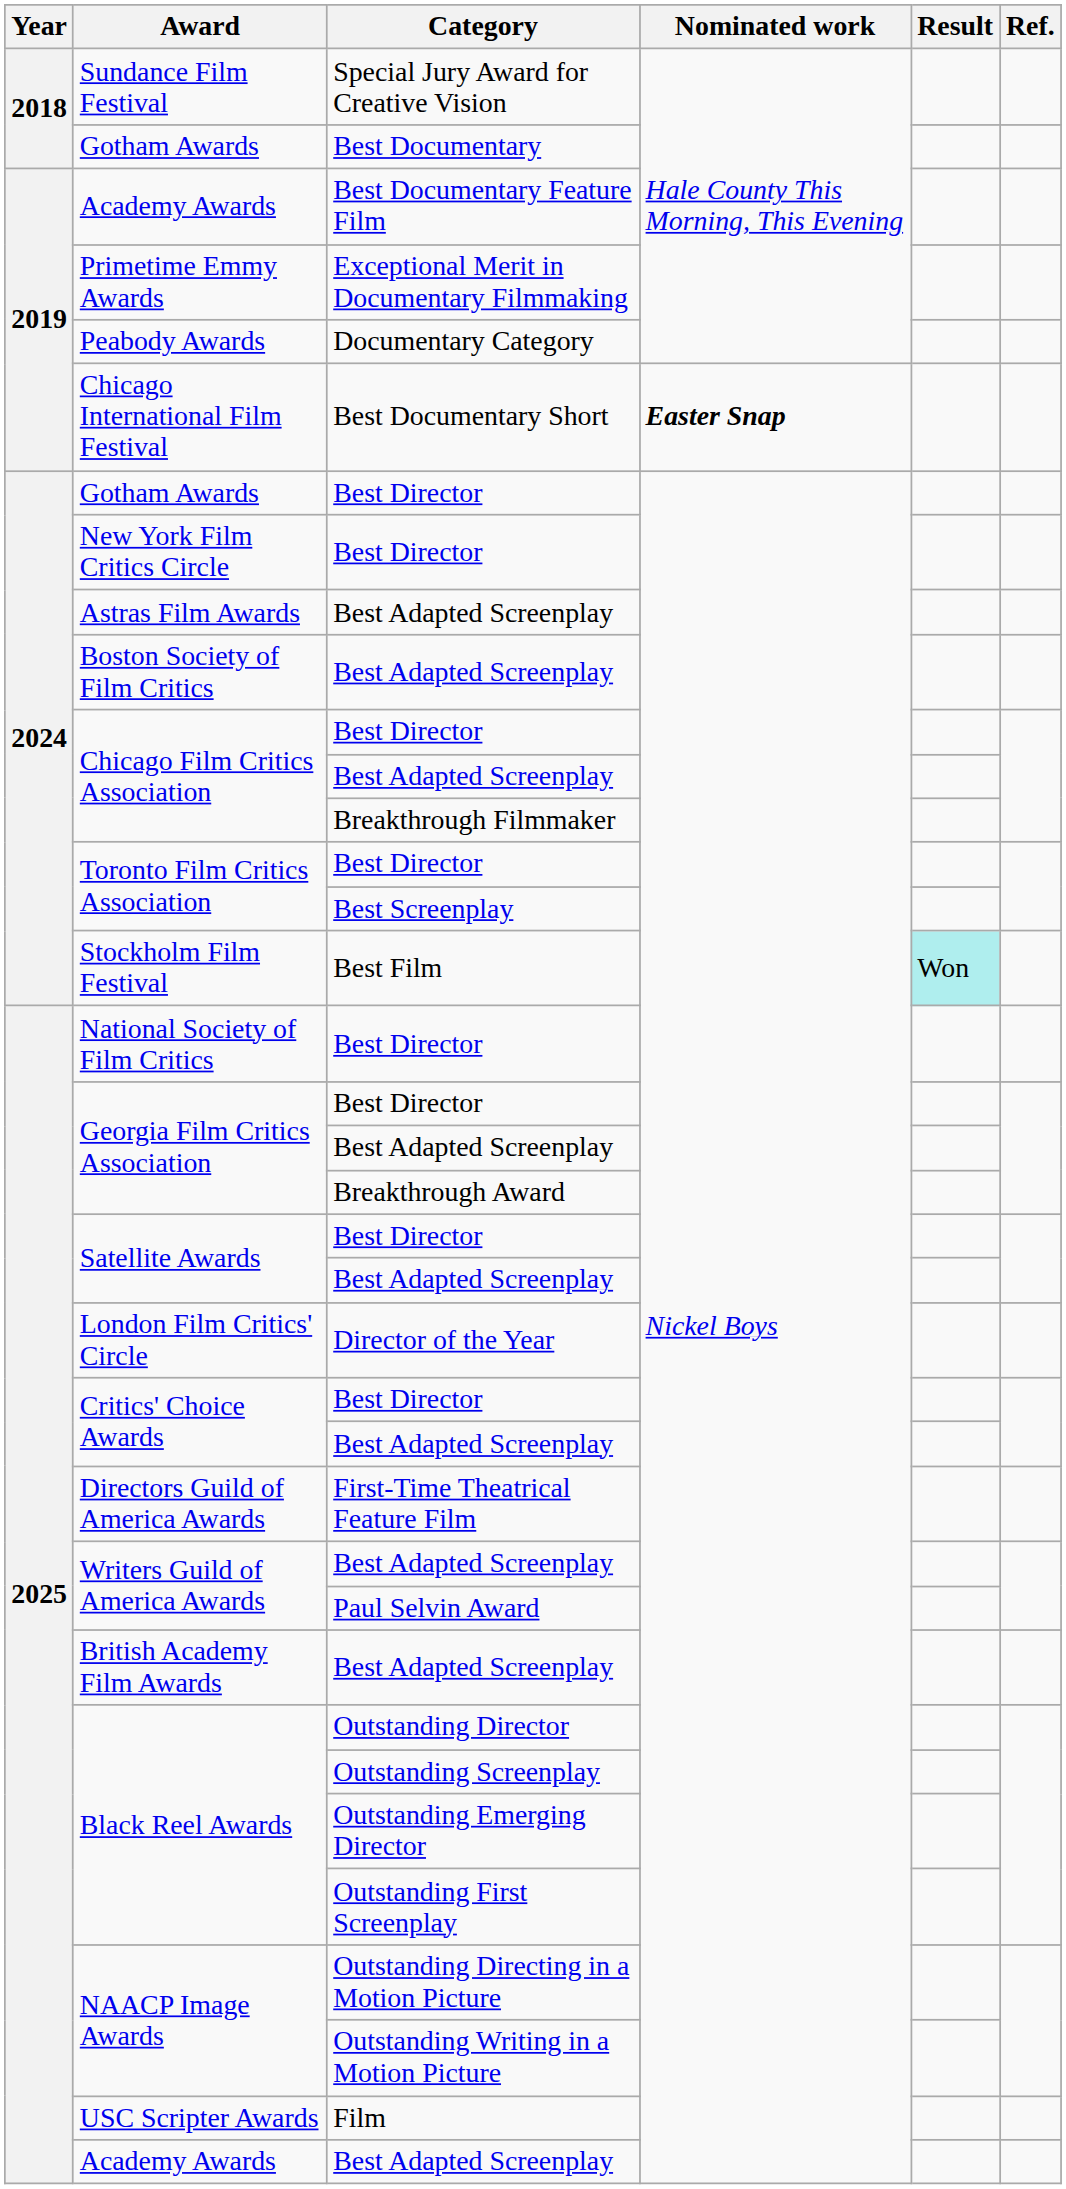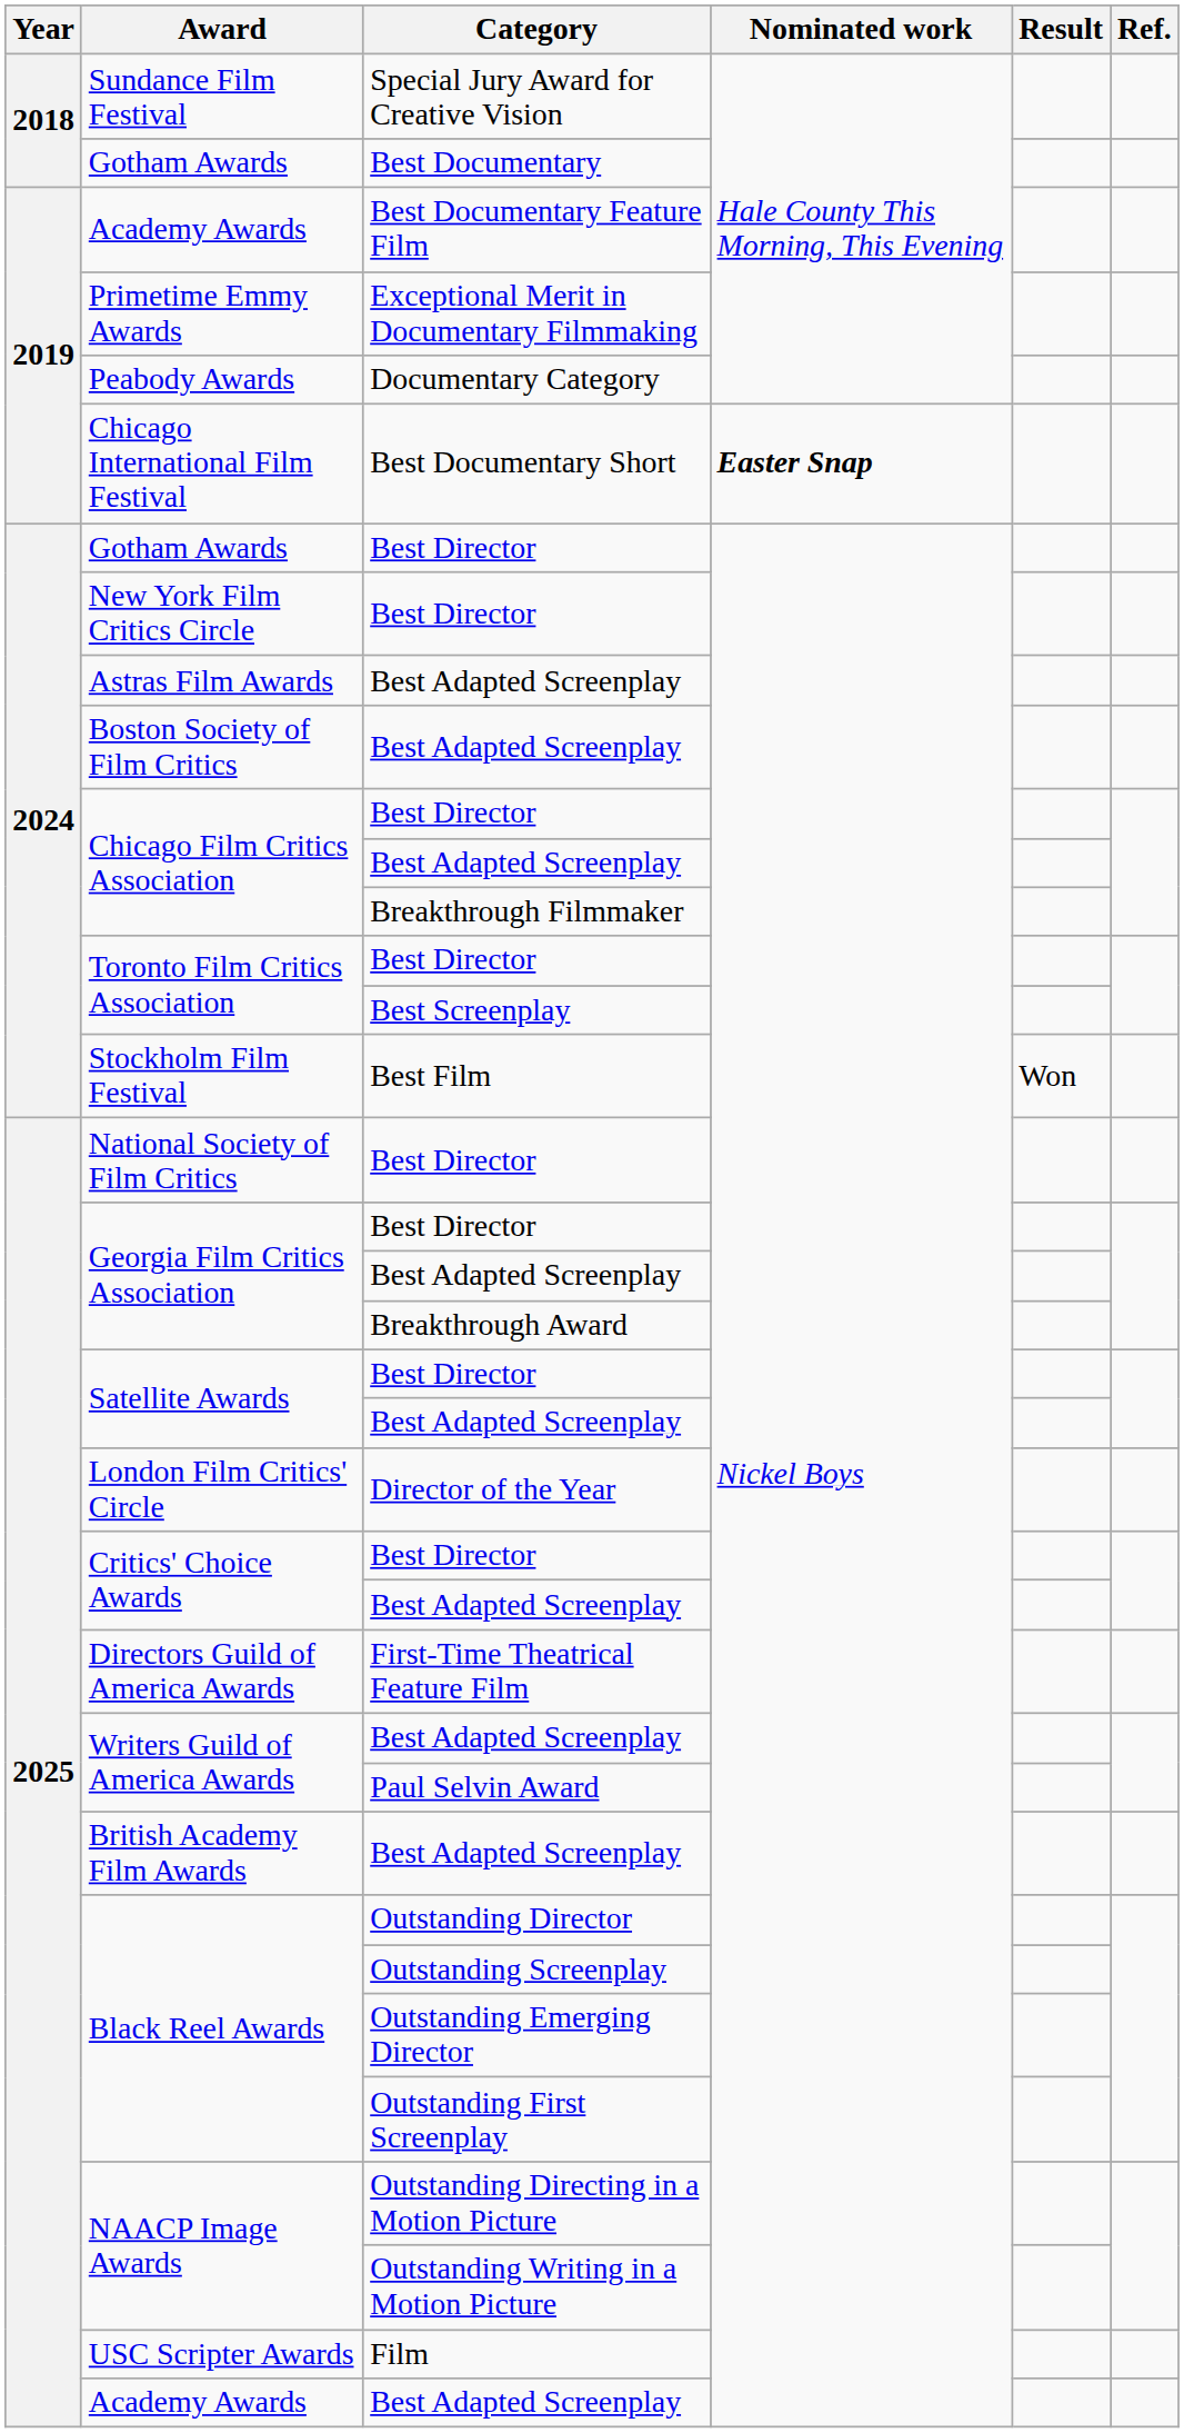 <table class="wikitable sortable plainrowheaders">
 <tr>
 <th scope="col">Year</th>
 <th scope="col">Award</th>
 <th scope="col">Category</th>
 <th scope="col">Nominated work</th>
 <th scope="col">Result</th>
 <th scope="col" class="unsortable">Ref.</th>
 </tr>
 <tr>
 <th scope="row" rowspan="2">2018</th>
 <td><a href='#'>Sundance Film Festival</a></td>
 <td>Special Jury Award for Creative Vision</td>
 <td rowspan="5"><em><a href='#'>Hale County This Morning, This Evening</a></em></td>
 <td></td>
 <td align="center"></td>
 </tr>
 <tr>
 <td><a href='#'>Gotham Awards</a></td>
 <td><a href='#'>Best Documentary</a></td>
 <td></td>
 <td align="center"></td>
 </tr>
 <tr>
 <th scope="row" rowspan="4">2019</th>
 <td><a href='#'>Academy Awards</a></td>
 <td><a href='#'>Best Documentary Feature Film</a></td>
 <td></td>
 <td align="center"></td>
 </tr>
 <tr>
 <td><a href='#'>Primetime Emmy Awards</a></td>
 <td><a href='#'>Exceptional Merit in Documentary Filmmaking</a></td>
 <td></td>
 <td align="center"></td>
 </tr>
 <tr>
 <td><a href='#'>Peabody Awards</a></td>
 <td>Documentary Category</td>
 <td></td>
 <td align="center"></td>
 </tr>
 <tr>
 <td><a href='#'>Chicago International Film Festival</a></td>
 <td>Best Documentary Short</td>
 <td><strong><em>Easter Snap</em></strong></td>
 <td></td>
 <td align="center"></td>
 </tr>
 <tr>
 <th rowspan="10" scope="row">2024</th>
 <td><a href='#'>Gotham Awards</a></td>
 <td><a href='#'>Best Director</a></td>
 <td rowspan="31"><em><a href='#'>Nickel Boys</a></em></td>
 <td></td>
 <td align="center"></td>
 </tr>
 <tr>
 <td><a href='#'>New York Film Critics Circle</a></td>
 <td><a href='#'>Best Director</a></td>
 <td></td>
 <td align="center"></td>
 </tr>
 <tr>
 <td scope="col"><a href='#'>Astras Film Awards</a></td>
 <td>Best Adapted Screenplay</td>
 <td></td>
 <td align="center"></td>
 </tr>
 <tr>
 <td><a href='#'>Boston Society of Film Critics</a></td>
 <td><a href='#'>Best Adapted Screenplay</a></td>
 <td></td>
 <td align="center"></td>
 </tr>
 <tr>
 <td scope="col" rowspan="3"><a href='#'>Chicago Film Critics Association</a></td>
 <td><a href='#'>Best Director</a></td>
 <td></td>
 <td align="center" rowspan="3"></td>
 </tr>
 <tr>
 <td><a href='#'>Best Adapted Screenplay</a></td>
 <td></td>
 </tr>
 <tr>
 <td>Breakthrough Filmmaker</td>
 <td></td>
 </tr>
 <tr>
 <td scope="col" rowspan="2"><a href='#'>Toronto Film Critics Association</a></td>
 <td><a href='#'>Best Director</a></td>
 <td></td>
 <td align="center" rowspan="2"></td>
 </tr>
 <tr>
 <td><a href='#'>Best Screenplay</a></td>
 <td></td>
 </tr>
 <tr>
 <td><a href='#'>Stockholm Film Festival</a></td>
 <td>Best Film</td>
-<td style="background: paleturquoise;">Won</td>
+<td>Won</td>
 <td></td>
 </tr>
 <tr>
 <th scope="row" rowspan="21">2025</th>
 <td scope="col"><a href='#'>National Society of Film Critics</a></td>
 <td><a href='#'>Best Director</a></td>
 <td></td>
 <td align="center"></td>
 </tr>
 <tr>
 <td scope="col" rowspan="3"><a href='#'>Georgia Film Critics Association</a></td>
 <td>Best Director</td>
 <td></td>
 <td align="center" rowspan="3"></td>
 </tr>
 <tr>
 <td>Best Adapted Screenplay</td>
 <td></td>
 </tr>
 <tr>
 <td>Breakthrough Award</td>
 <td></td>
 </tr>
 <tr>
 <td scope="col" rowspan="2"><a href='#'>Satellite Awards</a></td>
 <td><a href='#'>Best Director</a></td>
 <td></td>
 <td align="center" rowspan="2"></td>
 </tr>
 <tr>
 <td><a href='#'>Best Adapted Screenplay</a></td>
 <td></td>
 </tr>
 <tr>
 <td><a href='#'>London Film Critics' Circle</a></td>
 <td><a href='#'>Director of the Year</a></td>
 <td></td>
 <td align="center"></td>
 </tr>
 <tr>
 <td scope="col" rowspan="2"><a href='#'>Critics' Choice Awards</a></td>
 <td><a href='#'>Best Director</a></td>
 <td></td>
 <td align="center" rowspan="2"></td>
 </tr>
 <tr>
 <td><a href='#'>Best Adapted Screenplay</a></td>
 <td></td>
 </tr>
 <tr>
 <td scope="col"><a href='#'>Directors Guild of America Awards</a></td>
 <td><a href='#'>First-Time Theatrical Feature Film</a></td>
 <td></td>
 <td align="center"></td>
 </tr>
 <tr>
 <td scope="col" rowspan="2"><a href='#'>Writers Guild of America Awards</a></td>
 <td><a href='#'>Best Adapted Screenplay</a></td>
 <td></td>
 <td align="center" rowspan="2"><br></td>
 </tr>
 <tr>
 <td><a href='#'>Paul Selvin Award</a></td>
 <td></td>
 </tr>
 <tr>
 <td scope="col"><a href='#'>British Academy Film Awards</a></td>
 <td><a href='#'>Best Adapted Screenplay</a></td>
 <td></td>
 <td align="center"></td>
 </tr>
 <tr>
 <td scope="col" rowspan="4"><a href='#'>Black Reel Awards</a></td>
 <td><a href='#'>Outstanding Director</a></td>
 <td></td>
 <td align="center" rowspan="4"><br></td>
 </tr>
 <tr>
 <td><a href='#'>Outstanding Screenplay</a></td>
 <td></td>
 </tr>
 <tr>
 <td><a href='#'>Outstanding Emerging Director</a></td>
 <td></td>
 </tr>
 <tr>
 <td><a href='#'>Outstanding First Screenplay</a></td>
 <td></td>
 </tr>
 <tr>
 <td scope="col" rowspan="2"><a href='#'>NAACP Image Awards</a></td>
 <td><a href='#'>Outstanding Directing in a Motion Picture</a></td>
 <td></td>
 <td align="center" rowspan="2"></td>
 </tr>
 <tr>
 <td><a href='#'>Outstanding Writing in a Motion Picture</a></td>
 <td></td>
 </tr>
 <tr>
 <td scope="col"><a href='#'>USC Scripter Awards</a></td>
 <td>Film</td>
 <td></td>
 <td align="center"></td>
 </tr>
 <tr>
 <td scope="col"><a href='#'>Academy Awards</a></td>
 <td><a href='#'>Best Adapted Screenplay</a></td>
 <td></td>
 <td align="center"></td>
 </tr>
 </table>
